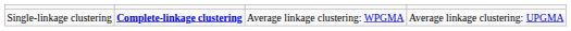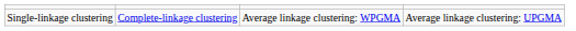 <table class="wikitable">
 <tr>
 <td></td>
 <td></td>
 <td></td>
 <td></td>
 </tr>
 <tr>
 <td>Single-linkage clustering</td>
-<td><strong><a href='#'>Complete-linkage clustering</a></strong></td>
+<td><a href='#'>Complete-linkage clustering</a></td>
 <td>Average linkage clustering: <a href='#'>WPGMA</a></td>
 <td>Average linkage clustering: <a href='#'>UPGMA</a></td>
 </tr>
 </table>
